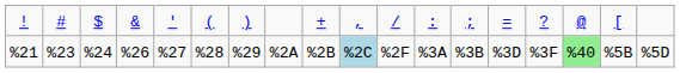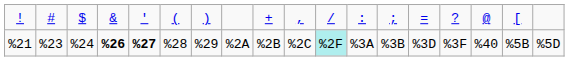 <table class="wikitable">
 <tr align="center">
 <td><code><a href='#'>!</a></code></td>
 <td><code><a href='#'>#</a></code></td>
 <td><code><a href='#'>$</a></code></td>
 <td><code><a href='#'>&</a></code></td>
 <td><code><a href='#'>'</a></code></td>
 <td><code><a href='#'>(</a></code></td>
 <td><code><a href='#'>)</a></code></td>
 <td><code><a href='#'></a></code></td>
 <td><code><a href='#'>+</a></code></td>
 <td><code><a href='#'>,</a></code></td>
 <td><code><a href='#'>/</a></code></td>
 <td><code><a href='#'>:</a></code></td>
 <td><code><a href='#'>;</a></code></td>
 <td><code><a href='#'>=</a></code></td>
 <td><code><a href='#'>?</a></code></td>
 <td><code><a href='#'>@</a></code></td>
 <td><code><a href='#'>[</a></code></td>
 <td><code><a href='#'></a></code></td>
 </tr>
 <tr>
 <td><code>%21</code></td>
 <td><code>%23</code></td>
 <td><code>%24</code></td>
-<td><code>%26</code></td>
-<td><code>%27</code></td>
+<td><strong><code>%26</code></strong></td>
+<td><strong><code>%27</code></strong></td>
 <td><code>%28</code></td>
 <td><code>%29</code></td>
 <td><code>%2A</code></td>
 <td><code>%2B</code></td>
-<td style="background: lightblue;"><code>%2C</code></td>
-<td><code>%2F</code></td>
+<td><code>%2C</code></td>
+<td style="background: paleturquoise;"><code>%2F</code></td>
 <td><code>%3A</code></td>
 <td><code>%3B</code></td>
 <td><code>%3D</code></td>
 <td><code>%3F</code></td>
-<td style="background: lightgreen;"><code>%40</code></td>
+<td><code>%40</code></td>
 <td><code>%5B</code></td>
 <td><code>%5D</code></td>
 </tr>
 </table>
